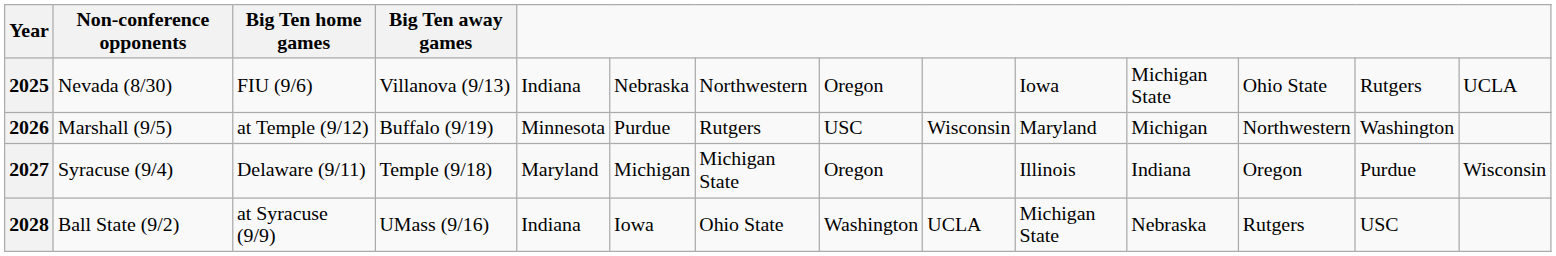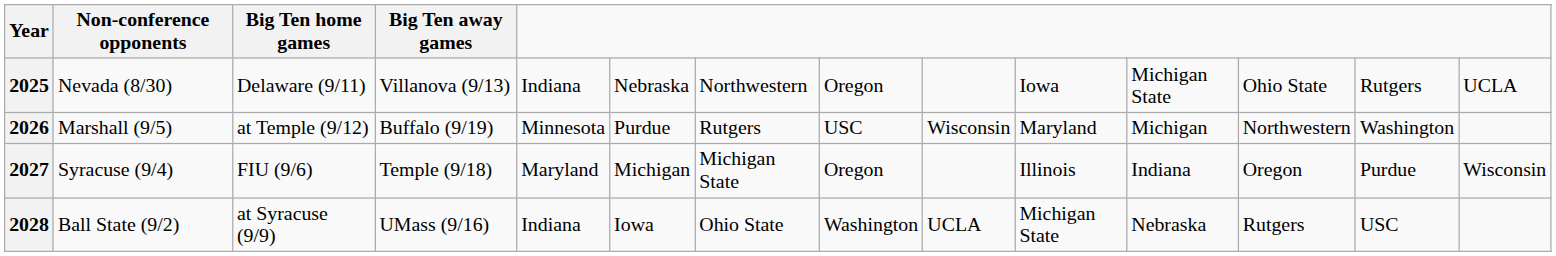 <table class="wikitable">
 <tr>
 <th style="background:#">Year</th>
 <th style="background:#">Non-conference opponents</th>
 <th style="background:#">Big Ten home games</th>
 <th style="background:#">Big Ten away games<br></th>
 </tr>
 <tr>
 <th style="background:#">2025</th>
 <td>Nevada (8/30)</td>
-<td>FIU (9/6)</td>
+<td>Delaware (9/11)</td>
 <td>Villanova (9/13)</td>
 <td>Indiana</td>
 <td>Nebraska</td>
 <td>Northwestern</td>
 <td>Oregon</td>
 <td></td>
 <td>Iowa</td>
 <td>Michigan State</td>
 <td>Ohio State</td>
 <td>Rutgers</td>
 <td>UCLA</td>
 </tr>
 <tr>
 <th style="background:#">2026</th>
 <td>Marshall (9/5)</td>
 <td>at Temple (9/12)</td>
 <td>Buffalo (9/19)</td>
 <td>Minnesota</td>
 <td>Purdue</td>
 <td>Rutgers</td>
 <td>USC</td>
 <td>Wisconsin</td>
 <td>Maryland</td>
 <td>Michigan</td>
 <td>Northwestern</td>
 <td>Washington</td>
 <td></td>
 </tr>
 <tr>
 <th style="background:#">2027</th>
 <td>Syracuse (9/4)</td>
-<td>Delaware (9/11)</td>
+<td>FIU (9/6)</td>
 <td>Temple (9/18)</td>
 <td>Maryland</td>
 <td>Michigan</td>
 <td>Michigan State</td>
 <td>Oregon</td>
 <td></td>
 <td>Illinois</td>
 <td>Indiana</td>
 <td>Oregon</td>
 <td>Purdue</td>
 <td>Wisconsin</td>
 </tr>
 <tr>
 <th style="background:#">2028</th>
 <td>Ball State (9/2)</td>
 <td>at Syracuse (9/9)</td>
 <td>UMass (9/16)</td>
 <td>Indiana</td>
 <td>Iowa</td>
 <td>Ohio State</td>
 <td>Washington</td>
 <td>UCLA</td>
 <td>Michigan State</td>
 <td>Nebraska</td>
 <td>Rutgers</td>
 <td>USC</td>
 <td></td>
 </tr>
 </table>
